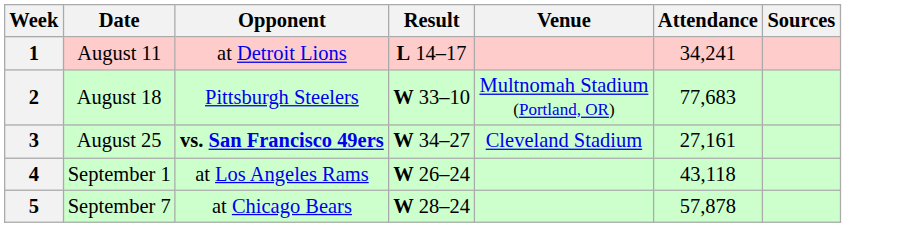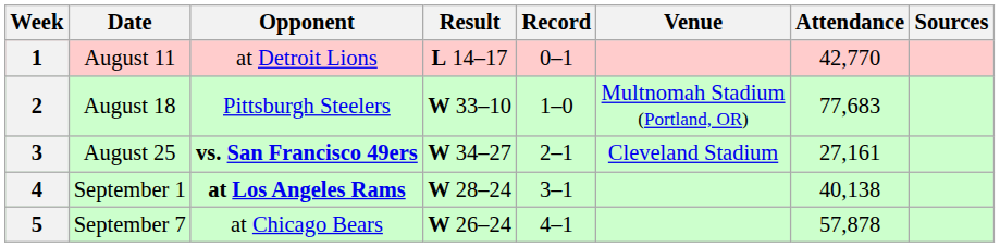 <table class="wikitable" style="text-align:center">
 <tr>
 <th>Week</th>
 <th>Date</th>
 <th>Opponent</th>
 <th>Result</th>
+<th>Record</th>
 <th>Venue</th>
 <th>Attendance</th>
 <th>Sources</th>
 </tr>
 <tr style="background:#fcc">
 <th>1</th>
 <td>August 11</td>
 <td>at <a href='#'>Detroit Lions</a></td>
 <td><strong>L</strong> 14–17</td>
+<td>0–1</td>
 <td></td>
-<td>34,241</td>
+<td>42,770</td>
 <td></td>
 </tr>
 <tr style="background:#cfc">
 <th>2</th>
 <td>August 18</td>
 <td><a href='#'>Pittsburgh Steelers</a></td>
 <td><strong>W</strong> 33–10</td>
+<td>1–0</td>
 <td><a href='#'>Multnomah Stadium</a> <br><small>(<a href='#'>Portland, OR</a>)</small></td>
 <td>77,683</td>
 <td></td>
 </tr>
 <tr style="background:#cfc">
 <th>3</th>
 <td>August 25</td>
 <td><strong>vs. <a href='#'>San Francisco 49ers</a></strong></td>
 <td><strong>W</strong> 34–27</td>
+<td>2–1</td>
 <td><a href='#'>Cleveland Stadium</a></td>
 <td>27,161</td>
 <td></td>
 </tr>
 <tr style="background:#cfc">
 <th>4</th>
 <td>September 1</td>
-<td>at <a href='#'>Los Angeles Rams</a></td>
-<td><strong>W</strong> 26–24</td>
+<td><strong>at <a href='#'>Los Angeles Rams</a></strong></td>
+<td><strong>W</strong> 28–24</td>
+<td>3–1</td>
 <td></td>
-<td>43,118</td>
+<td>40,138</td>
 <td></td>
 </tr>
 <tr style="background:#cfc">
 <th>5</th>
 <td>September 7</td>
 <td>at <a href='#'>Chicago Bears</a></td>
-<td><strong>W</strong> 28–24</td>
+<td><strong>W</strong> 26–24</td>
+<td>4–1</td>
 <td></td>
 <td>57,878</td>
 <td></td>
 </tr>
 </table>
